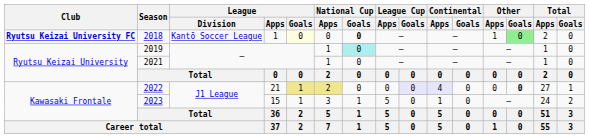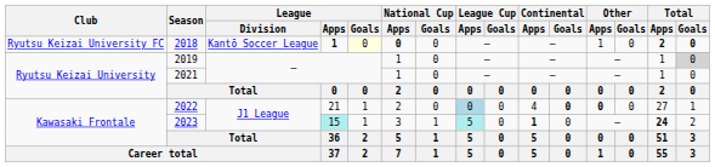 <table class="wikitable" style="text-align: center">
 <tr>
 <th rowspan="2">Club</th>
 <th rowspan="2">Season</th>
 <th colspan="3">League</th>
 <th colspan="2">National Cup</th>
 <th colspan="2">League Cup</th>
 <th colspan="2">Continental</th>
 <th colspan="2">Other</th>
 <th colspan="2">Total</th>
 </tr>
 <tr>
 <th>Division</th>
 <th>Apps</th>
 <th>Goals</th>
 <th>Apps</th>
 <th>Goals</th>
 <th>Apps</th>
 <th>Goals</th>
 <th>Apps</th>
 <th>Goals</th>
 <th>Apps</th>
 <th>Goals</th>
 <th>Apps</th>
 <th>Goals</th>
 </tr>
 <tr>
-<td><strong><a href='#'>Ryutsu Keizai University FC</a></strong></td>
+<td><a href='#'>Ryutsu Keizai University FC</a></td>
 <td><a href='#'>2018</a></td>
 <td><a href='#'>Kantō Soccer League</a></td>
-<td>1</td>
+<td><strong>1</strong></td>
 <td style="background: lightyellow;">0</td>
+<td><strong>0</strong></td>
 <td>0</td>
-<td><strong>0</strong></td>
 <td colspan="2">–</td>
 <td colspan="2">–</td>
 <td>1</td>
-<td style="background: lightgreen;">0</td>
-<td>2</td>
 <td>0</td>
+<td><strong>2</strong></td>
+<td><strong>0</strong></td>
 </tr>
 <tr>
 <td rowspan="3"><a href='#'>Ryutsu Keizai University</a></td>
 <td>2019</td>
 <td colspan="3" rowspan="2">–</td>
 <td>1</td>
-<td style="background: paleturquoise;">0</td>
+<td>0</td>
 <td colspan="2">–</td>
 <td colspan="2">–</td>
 <td colspan="2">–</td>
 <td>1</td>
-<td>0</td>
+<td style="background: lightgrey;">0</td>
 </tr>
 <tr>
 <td>2021</td>
 <td>1</td>
 <td>0</td>
 <td colspan="2">–</td>
 <td colspan="2">–</td>
 <td colspan="2">–</td>
 <td>1</td>
 <td>0</td>
 </tr>
 <tr>
 <th colspan=2>Total</th>
 <th>0</th>
 <th>0</th>
 <th>2</th>
 <th>0</th>
 <th>0</th>
 <th>0</th>
 <th>0</th>
 <th>0</th>
 <th>0</th>
 <th>0</th>
 <th>2</th>
 <th>0</th>
 </tr>
 <tr>
 <td rowspan="3"><a href='#'>Kawasaki Frontale</a></td>
 <td><a href='#'>2022</a></td>
 <td rowspan="2"><a href='#'>J1 League</a></td>
 <td>21</td>
-<td style="background: khaki;">1</td>
-<td style="background: khaki;">2</td>
+<td>1</td>
+<td>2</td>
 <td>0</td>
+<td style="background: lightblue;">0</td>
 <td>0</td>
-<td style="background: lavender;">0</td>
-<td style="background: lavender;">4</td>
+<td>4</td>
+<td><strong>0</strong></td>
+<td><strong>0</strong></td>
 <td>0</td>
-<td>0</td>
-<td><strong>0</strong></td>
 <td>27</td>
 <td>1</td>
 </tr>
 <tr>
 <td><a href='#'>2023</a></td>
-<td>15</td>
+<td style="background: paleturquoise;">15</td>
 <td>1</td>
 <td>3</td>
 <td>1</td>
-<td>5</td>
+<td style="background: paleturquoise;">5</td>
 <td>0</td>
-<td>1</td>
+<td><strong>1</strong></td>
 <td>0</td>
 <td colspan="2">–</td>
-<td>24</td>
+<td><strong>24</strong></td>
 <td>2</td>
 </tr>
 <tr>
 <th colspan=2>Total</th>
 <th>36</th>
 <th>2</th>
 <th>5</th>
 <th>1</th>
 <th>5</th>
 <th>0</th>
 <th>5</th>
 <th>0</th>
 <th>0</th>
 <th>0</th>
 <th>51</th>
 <th>3</th>
 </tr>
 <tr>
 <th colspan=3>Career total</th>
 <th>37</th>
 <th>2</th>
 <th>7</th>
 <th>1</th>
 <th>5</th>
 <th>0</th>
 <th>5</th>
 <th>0</th>
 <th>1</th>
 <th>0</th>
 <th>55</th>
 <th>3</th>
 </tr>
 </table>
